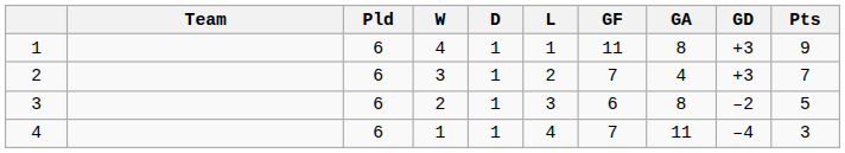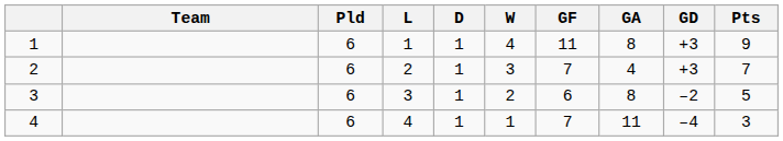 <table class="wikitable" style="text-align: center;">
 <tr>
 <th style="width: 40px;"></th>
 <th style="width: 200px;">Team</th>
 <th style="width: 45px;">Pld</th>
+<th style="width: 35px;">L</th>
+<th style="width: 35px;">D</th>
 <th style="width: 35px;">W</th>
-<th style="width: 35px;">D</th>
-<th style="width: 35px;">L</th>
 <th style="width: 45px;">GF</th>
 <th style="width: 45px;">GA</th>
 <th style="width: 35px;">GD</th>
 <th style="width: 45px;">Pts</th>
 </tr>
 <tr>
 <td>1</td>
 <td style="text-align: left;"></td>
 <td>6</td>
-<td>4</td>
 <td>1</td>
 <td>1</td>
+<td>4</td>
 <td>11</td>
 <td>8</td>
 <td>+3</td>
 <td>9</td>
 </tr>
 <tr>
 <td>2</td>
 <td style="text-align: left;"></td>
 <td>6</td>
+<td>2</td>
+<td>1</td>
 <td>3</td>
-<td>1</td>
-<td>2</td>
 <td>7</td>
 <td>4</td>
 <td>+3</td>
 <td>7</td>
 </tr>
 <tr>
 <td>3</td>
 <td style="text-align: left;"></td>
 <td>6</td>
+<td>3</td>
+<td>1</td>
 <td>2</td>
-<td>1</td>
-<td>3</td>
 <td>6</td>
 <td>8</td>
 <td>–2</td>
 <td>5</td>
 </tr>
 <tr>
 <td>4</td>
 <td style="text-align: left;"></td>
 <td>6</td>
+<td>4</td>
 <td>1</td>
 <td>1</td>
-<td>4</td>
 <td>7</td>
 <td>11</td>
 <td>–4</td>
 <td>3</td>
 </tr>
 </table>
